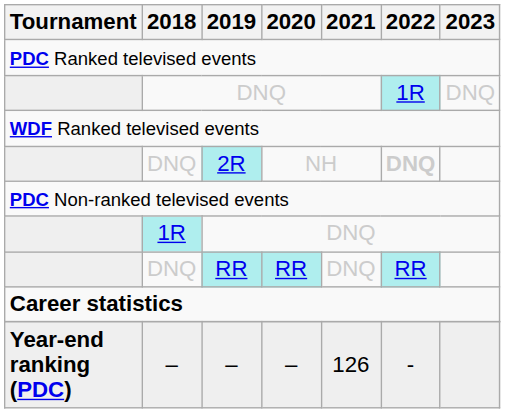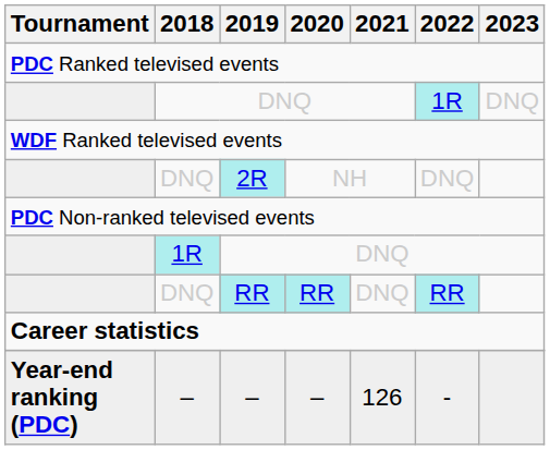 <table class="wikitable" style="width:20%; margin:0">
 <tr>
 <th>Tournament</th>
 <th>2018</th>
 <th>2019</th>
 <th>2020</th>
 <th>2021</th>
 <th>2022</th>
 <th>2023</th>
 </tr>
 <tr>
 <td colspan="7" style="text-align:left"><small><strong><a href='#'>PDC</a> </strong>Ranked televised events</small></td>
 </tr>
 <tr>
 <td style="background:#efefef;"></td>
 <td colspan="4" style="text-align:center; color:#ccc;">DNQ</td>
 <td style="text-align:center; background:#afeeee;"><a href='#'>1R</a></td>
 <td style="text-align:center; color:#ccc;">DNQ</td>
 </tr>
 <tr>
 <td colspan="7" style="text-align:left"><small><strong><a href='#'>WDF</a> </strong>Ranked televised events</small></td>
 </tr>
 <tr>
 <td style="background:#efefef;"></td>
 <td style="text-align:center; color:#ccc;">DNQ</td>
 <td style="text-align:center; background:#afeeee;"><a href='#'>2R</a></td>
 <td colspan="2" style="text-align:center; color:#ccc;">NH</td>
-<td style="text-align:center; color:#ccc;"><strong>DNQ</strong></td>
+<td style="text-align:center; color:#ccc;">DNQ</td>
 <td></td>
 </tr>
 <tr>
 <td colspan="7" style="text-align:left"><small><strong><a href='#'>PDC</a> </strong>Non-ranked televised events</small></td>
 </tr>
 <tr>
 <td style="background:#efefef;"></td>
 <td style="text-align:center; background:#afeeee;"><a href='#'>1R</a></td>
 <td colspan="5" style="text-align:center; color:#ccc;">DNQ</td>
 </tr>
 <tr>
 <td style="background:#efefef;"></td>
 <td style="text-align:center; color:#ccc;">DNQ</td>
 <td style="text-align:center; background:#afeeee;"><a href='#'>RR</a></td>
 <td style="text-align:center; background:#afeeee;"><a href='#'>RR</a></td>
 <td style="text-align:center; color:#ccc;">DNQ</td>
 <td style="text-align:center; background:#afeeee;"><a href='#'>RR</a></td>
 <td></td>
 </tr>
 <tr>
 <td colspan="7" style="text-align:left"><strong>Career statistics</strong></td>
 </tr>
 <tr>
 </tr>
 <tr style="background:#efefef">
 <td style="text-align:left"><strong>Year-end ranking (<a href='#'>PDC</a>)</strong></td>
 <td style="text-align:center;">–</td>
 <td style="text-align:center;">–</td>
 <td style="text-align:center;">–</td>
 <td style="text-align:center;">126</td>
 <td style="text-align:center;">-</td>
 <td style="text-align:center;"></td>
 </tr>
 </table>
